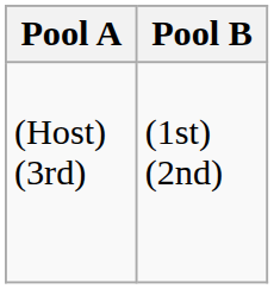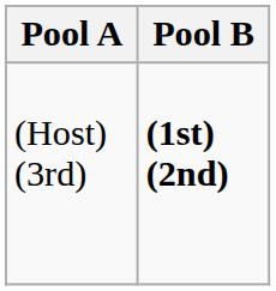 <table class="wikitable">
 <tr>
 <th width=45%>Pool A</th>
 <th width=45%>Pool B</th>
 </tr>
 <tr>
 <td><br> (Host)<br>  (3rd)<br> <br> <br> </td>
-<td><br> (1st)<br>  (2nd)<br> <br> <br> </td>
+<td><strong><br> (1st)<br>  (2nd)<br> <br> <br> </strong></td>
 </tr>
 </table>
